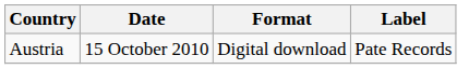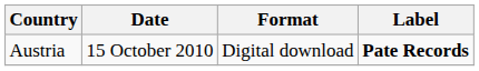 <table class="wikitable">
 <tr>
 <th>Country</th>
 <th>Date</th>
 <th>Format</th>
 <th>Label</th>
 </tr>
 <tr>
 <td>Austria</td>
 <td>15 October 2010</td>
 <td>Digital download</td>
-<td>Pate Records</td>
+<td><strong>Pate Records</strong></td>
 </tr>
 <tr>
 </tr>
 </table>
